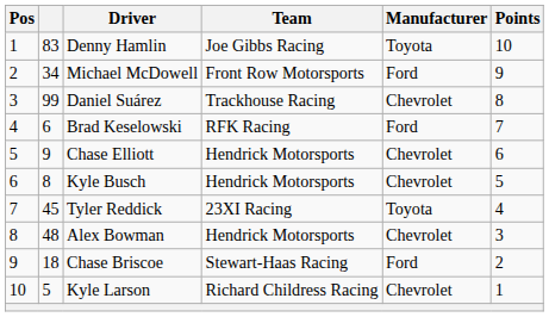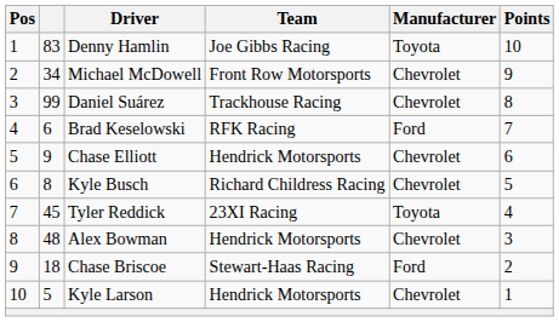 <table class="wikitable" style="font-size:98%">
 <tr>
 <th>Pos</th>
 <th></th>
 <th>Driver</th>
 <th>Team</th>
 <th>Manufacturer</th>
 <th>Points</th>
 </tr>
 <tr>
 <td>1</td>
 <td>83</td>
 <td>Denny Hamlin</td>
 <td>Joe Gibbs Racing</td>
 <td>Toyota</td>
 <td>10</td>
 </tr>
 <tr>
 <td>2</td>
 <td>34</td>
 <td>Michael McDowell</td>
 <td>Front Row Motorsports</td>
-<td>Ford</td>
+<td>Chevrolet</td>
 <td>9</td>
 </tr>
 <tr>
 <td>3</td>
 <td>99</td>
 <td>Daniel Suárez</td>
 <td>Trackhouse Racing</td>
 <td>Chevrolet</td>
 <td>8</td>
 </tr>
 <tr>
 <td>4</td>
 <td>6</td>
 <td>Brad Keselowski</td>
 <td>RFK Racing</td>
 <td>Ford</td>
 <td>7</td>
 </tr>
 <tr>
 <td>5</td>
 <td>9</td>
 <td>Chase Elliott</td>
 <td>Hendrick Motorsports</td>
 <td>Chevrolet</td>
 <td>6</td>
 </tr>
 <tr>
 <td>6</td>
 <td>8</td>
 <td>Kyle Busch</td>
-<td>Hendrick Motorsports</td>
+<td>Richard Childress Racing</td>
 <td>Chevrolet</td>
 <td>5</td>
 </tr>
 <tr>
 <td>7</td>
 <td>45</td>
 <td>Tyler Reddick</td>
 <td>23XI Racing</td>
 <td>Toyota</td>
 <td>4</td>
 </tr>
 <tr>
 <td>8</td>
 <td>48</td>
 <td>Alex Bowman</td>
 <td>Hendrick Motorsports</td>
 <td>Chevrolet</td>
 <td>3</td>
 </tr>
 <tr>
 <td>9</td>
 <td>18</td>
 <td>Chase Briscoe</td>
 <td>Stewart-Haas Racing</td>
 <td>Ford</td>
 <td>2</td>
 </tr>
 <tr>
 <td>10</td>
 <td>5</td>
 <td>Kyle Larson</td>
-<td>Richard Childress Racing</td>
+<td>Hendrick Motorsports</td>
 <td>Chevrolet</td>
 <td>1</td>
 </tr>
 <tr>
 <th colspan="6"></th>
 </tr>
 </table>
